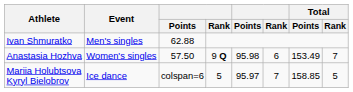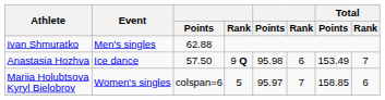 <table class=wikitable style=font-size:90%;text-align:center>
 <tr>
 <th rowspan="2">Athlete</th>
 <th rowspan="2">Event</th>
 <th colspan="2"></th>
 <th colspan="2"></th>
 <th colspan="2">Total</th>
 </tr>
 <tr style="font-size:95%">
 <th>Points</th>
 <th>Rank</th>
 <th>Points</th>
 <th>Rank</th>
 <th>Points</th>
 <th>Rank</th>
 </tr>
 <tr>
 <td align=left><a href='#'>Ivan Shmuratko</a></td>
 <td align=left><a href='#'>Men's singles</a></td>
 <td>62.88</td>
 </tr>
 <tr>
 <td align=left><a href='#'>Anastasia Hozhva</a></td>
-<td align=left><a href='#'>Women's singles</a></td>
+<td align=left><a href='#'>Ice dance</a></td>
 <td>57.50</td>
 <td>9 <strong>Q</strong></td>
 <td>95.98</td>
 <td>6</td>
 <td>153.49</td>
 <td>7</td>
 </tr>
 <tr>
 <td align=left><a href='#'>Mariia Holubtsova</a><br><a href='#'>Kyryl Bielobrov</a></td>
-<td align=left><a href='#'>Ice dance</a></td>
+<td align=left><a href='#'>Women's singles</a></td>
 <td>colspan=6 </td>
 <td>5</td>
 <td>95.97</td>
 <td>7</td>
 <td>158.85</td>
-<td>5</td>
+<td>6</td>
 </tr>
 </table>
